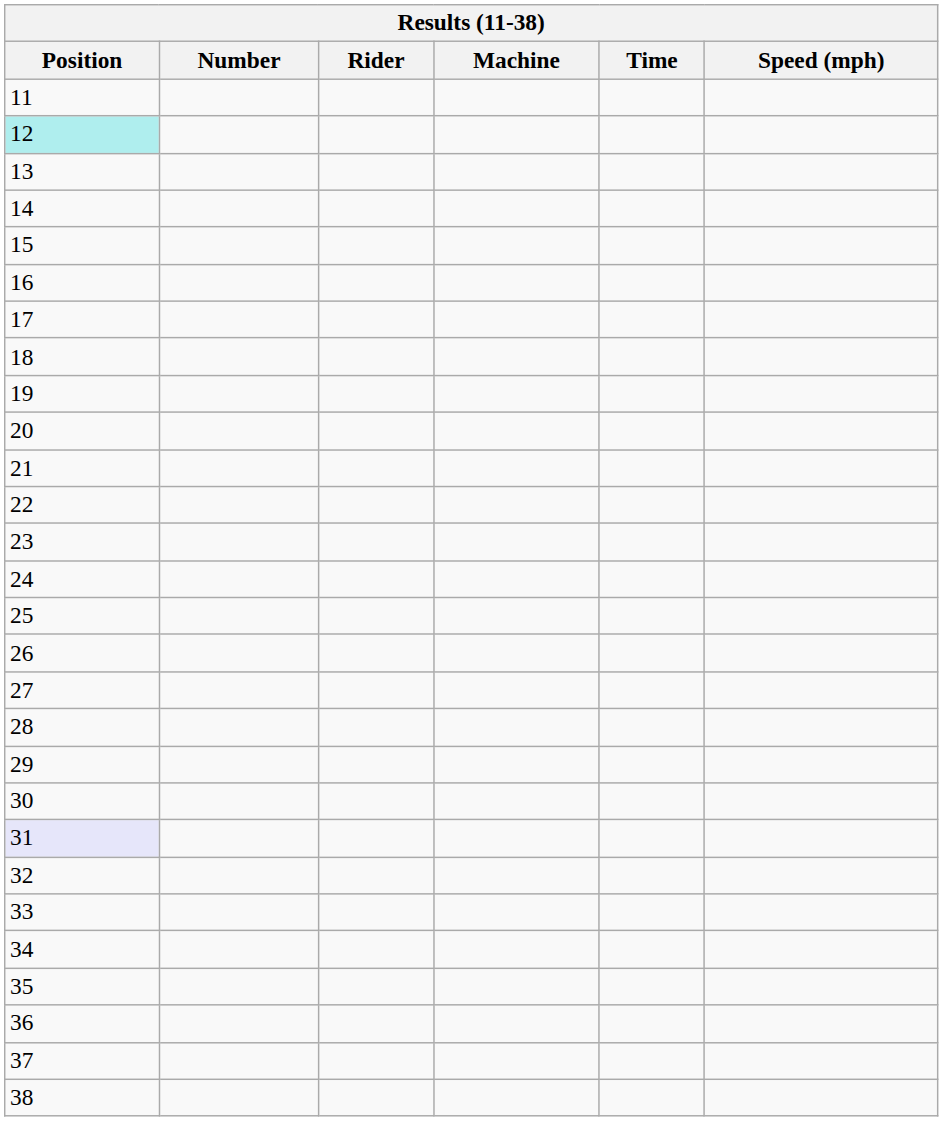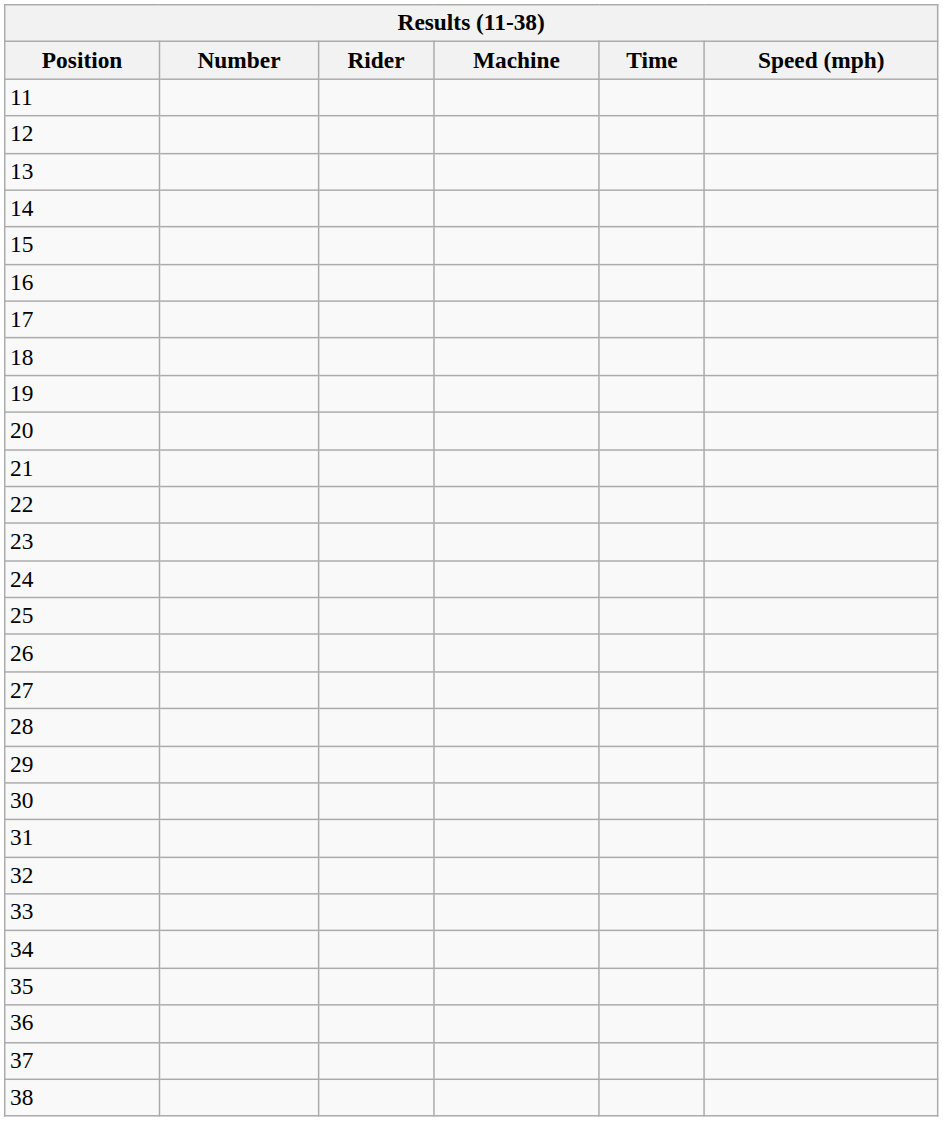 <table class="collapsible collapsed wikitable" style="width:40em;margin-top:-1px;">
 <tr>
 <th scope="col" colspan="6">Results (11-38)</th>
 </tr>
 <tr>
 <th>Position</th>
 <th>Number</th>
 <th>Rider</th>
 <th>Machine</th>
 <th>Time</th>
 <th>Speed (mph)</th>
 </tr>
 <tr>
 <td>11</td>
 <td></td>
 <td></td>
 <td></td>
 <td></td>
 <td></td>
 </tr>
 <tr>
-<td style="background: paleturquoise;">12</td>
+<td>12</td>
 <td></td>
 <td></td>
 <td></td>
 <td></td>
 <td></td>
 </tr>
 <tr>
 <td>13</td>
 <td></td>
 <td></td>
 <td></td>
 <td></td>
 <td></td>
 </tr>
 <tr>
 <td>14</td>
 <td></td>
 <td></td>
 <td></td>
 <td></td>
 <td></td>
 </tr>
 <tr>
 <td>15</td>
 <td></td>
 <td></td>
 <td></td>
 <td></td>
 <td></td>
 </tr>
 <tr>
 <td>16</td>
 <td></td>
 <td></td>
 <td></td>
 <td></td>
 <td></td>
 </tr>
 <tr>
 <td>17</td>
 <td></td>
 <td></td>
 <td></td>
 <td></td>
 <td></td>
 </tr>
 <tr>
 <td>18</td>
 <td></td>
 <td></td>
 <td></td>
 <td></td>
 <td></td>
 </tr>
 <tr>
 <td>19</td>
 <td></td>
 <td></td>
 <td></td>
 <td></td>
 <td></td>
 </tr>
 <tr>
 <td>20</td>
 <td></td>
 <td></td>
 <td></td>
 <td></td>
 <td></td>
 </tr>
 <tr>
 <td>21</td>
 <td></td>
 <td></td>
 <td></td>
 <td></td>
 <td></td>
 </tr>
 <tr>
 <td>22</td>
 <td></td>
 <td></td>
 <td></td>
 <td></td>
 <td></td>
 </tr>
 <tr>
 <td>23</td>
 <td></td>
 <td></td>
 <td></td>
 <td></td>
 <td></td>
 </tr>
 <tr>
 <td>24</td>
 <td></td>
 <td></td>
 <td></td>
 <td></td>
 <td></td>
 </tr>
 <tr>
 <td>25</td>
 <td></td>
 <td></td>
 <td></td>
 <td></td>
 <td></td>
 </tr>
 <tr>
 <td>26</td>
 <td></td>
 <td></td>
 <td></td>
 <td></td>
 <td></td>
 </tr>
 <tr>
 <td>27</td>
 <td></td>
 <td></td>
 <td></td>
 <td></td>
 <td></td>
 </tr>
 <tr>
 <td>28</td>
 <td></td>
 <td></td>
 <td></td>
 <td></td>
 <td></td>
 </tr>
 <tr>
 <td>29</td>
 <td></td>
 <td></td>
 <td></td>
 <td></td>
 <td></td>
 </tr>
 <tr>
 <td>30</td>
 <td></td>
 <td></td>
 <td></td>
 <td></td>
 <td></td>
 </tr>
 <tr>
-<td style="background: lavender;">31</td>
+<td>31</td>
 <td></td>
 <td></td>
 <td></td>
 <td></td>
 <td></td>
 </tr>
 <tr>
 <td>32</td>
 <td></td>
 <td></td>
 <td></td>
 <td></td>
 <td></td>
 </tr>
 <tr>
 <td>33</td>
 <td></td>
 <td></td>
 <td></td>
 <td></td>
 <td></td>
 </tr>
 <tr>
 <td>34</td>
 <td></td>
 <td></td>
 <td></td>
 <td></td>
 <td></td>
 </tr>
 <tr>
 <td>35</td>
 <td></td>
 <td></td>
 <td></td>
 <td></td>
 <td></td>
 </tr>
 <tr>
 <td>36</td>
 <td></td>
 <td></td>
 <td></td>
 <td></td>
 <td></td>
 </tr>
 <tr>
 <td>37</td>
 <td></td>
 <td></td>
 <td></td>
 <td></td>
 <td></td>
 </tr>
 <tr>
 <td>38</td>
 <td></td>
 <td></td>
 <td></td>
 <td></td>
 <td></td>
 </tr>
 </table>
